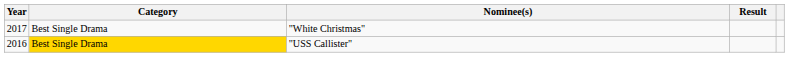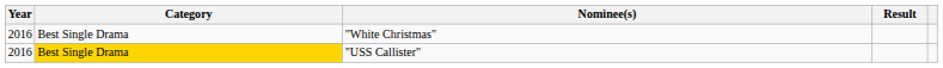 <table class="wikitable sortable" style="width:98%; summary:Black Mirror won zero of two awards.">
 <tr>
 <th scope="col" style="width:3%;">Year</th>
 <th scope="col" style="width:33%;">Category</th>
 <th>Nominee(s)</th>
 <th scope="col" style="width:6%;">Result</th>
 <th scope="col" class="unsortable" style="width:1%;"></th>
 </tr>
 <tr>
-<td style="text-align: center;">2017</td>
+<td style="text-align: center;">2016</td>
 <td>Best Single Drama</td>
 <td>"White Christmas"</td>
 <td></td>
 <td align="center"></td>
 </tr>
 <tr>
 <td style="text-align: center;">2016</td>
 <td style="background: gold;">Best Single Drama</td>
 <td>"USS Callister"</td>
 <td></td>
 <td align="center"></td>
 </tr>
 </table>
